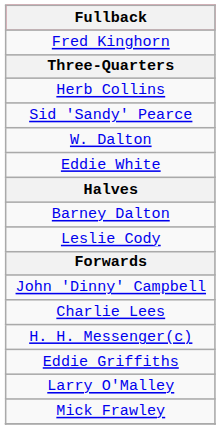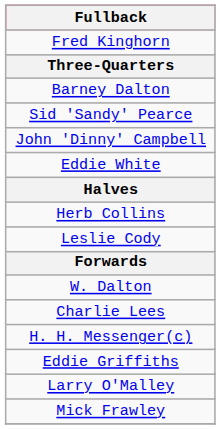 <table class="wikitable" style="float:right; font-size:75%;">
 <tr style="background:#f03;">
 <th style="width:130px;">Fullback</th>
 </tr>
 <tr align=center>
 <td><a href='#'>Fred Kinghorn</a></td>
 </tr>
 <tr align=center>
 <th style="width:130px;">Three-Quarters</th>
 </tr>
 <tr align=center>
-<td><a href='#'>Herb Collins</a></td>
+<td><a href='#'>Barney Dalton</a></td>
 </tr>
 <tr align=center>
 <td><a href='#'>Sid 'Sandy' Pearce</a></td>
 </tr>
 <tr align=center>
-<td><a href='#'>W. Dalton</a></td>
+<td><a href='#'>John 'Dinny' Campbell</a></td>
 </tr>
 <tr align=center>
 <td><a href='#'>Eddie White</a></td>
 </tr>
 <tr align=center>
 <th style="width:130px;">Halves</th>
 </tr>
 <tr align=center>
-<td><a href='#'>Barney Dalton</a></td>
+<td><a href='#'>Herb Collins</a></td>
 </tr>
 <tr align=center>
 <td><a href='#'>Leslie Cody</a></td>
 </tr>
 <tr align=center>
 <th style="width:130px;">Forwards</th>
 </tr>
 <tr align=center>
-<td><a href='#'>John 'Dinny' Campbell</a></td>
+<td><a href='#'>W. Dalton</a></td>
 </tr>
 <tr align=center>
 <td><a href='#'>Charlie Lees</a></td>
 </tr>
 <tr align=center>
 <td><a href='#'>H. H. Messenger(c)</a></td>
 </tr>
 <tr align=center>
 <td><a href='#'>Eddie Griffiths</a></td>
 </tr>
 <tr align=center>
 <td><a href='#'>Larry O'Malley</a></td>
 </tr>
 <tr align=center>
 <td><a href='#'>Mick Frawley</a></td>
 </tr>
 <tr align=center>
 </tr>
 <tr>
 </tr>
 </table>
